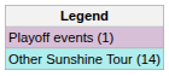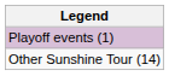 <table class="wikitable" style="font-size:95%;">
 <tr>
 <th>Legend</th>
 </tr>
 <tr style="background:#D8BFD8;">
 <td>Playoff events (1)</td>
 </tr>
 <tr>
-<td style="background: paleturquoise;">Other Sunshine Tour (14)</td>
+<td>Other Sunshine Tour (14)</td>
 </tr>
 </table>
